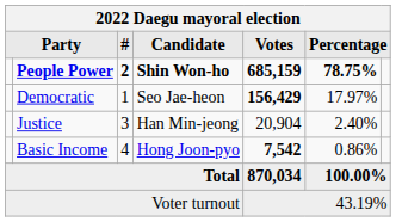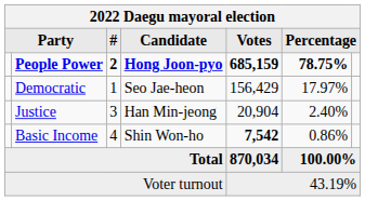 <table class="wikitable">
 <tr>
 <th colspan="7">2022 Daegu mayoral election</th>
 </tr>
 <tr>
 <th style="background-color:#E9E9E9" colspan=2>Party</th>
 <th style="background-color:#E9E9E9">#</th>
 <th style="background-color:#E9E9E9">Candidate</th>
 <th style="background-color:#E9E9E9">Votes</th>
 <th style="background-color:#E9E9E9" colspan=2>Percentage</th>
 </tr>
 <tr style="font-weight:bold">
 <td></td>
 <td align=left><a href='#'>People Power</a></td>
 <td align=center>2</td>
-<td align=left>Shin Won-ho</td>
+<td align=left><a href='#'>Hong Joon-pyo</a></td>
 <td align=right>685,159</td>
 <td align=right>78.75%</td>
 <td align=right></td>
 </tr>
 <tr>
 <td></td>
 <td align=left><a href='#'>Democratic</a></td>
 <td align=center>1</td>
 <td align=left>Seo Jae-heon</td>
-<td align=right><strong>156,429</strong></td>
+<td align=right>156,429</td>
 <td align=right>17.97%</td>
 <td align=right></td>
 </tr>
 <tr>
 <td></td>
 <td align=left><a href='#'>Justice</a></td>
 <td align=center>3</td>
 <td align=left>Han Min-jeong</td>
 <td align=right>20,904</td>
 <td align=right>2.40%</td>
 <td align=right></td>
 </tr>
 <tr>
 <td></td>
 <td align=left><a href='#'>Basic Income</a></td>
 <td align=center>4</td>
-<td align=left><a href='#'>Hong Joon-pyo</a></td>
+<td align=left>Shin Won-ho</td>
 <td align=right><strong>7,542</strong></td>
 <td align=right>0.86%</td>
 <td align=right></td>
 </tr>
 <tr bgcolor="#EEEEEE" style="font-weight:bold">
 <td colspan="4" align=right>Total</td>
 <td align=right>870,034</td>
 <td align=right colspan=2>100.00%</td>
 </tr>
 <tr bgcolor="#EEEEEE">
 <td colspan="4" align="right">Voter turnout</td>
 <td colspan="3" align="right">43.19%</td>
 </tr>
 </table>
